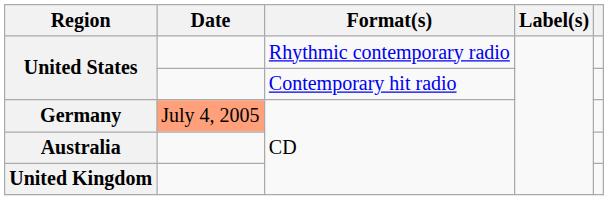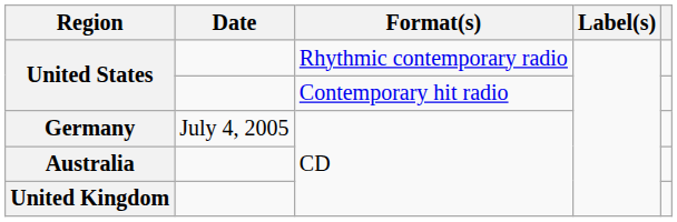 <table class="wikitable plainrowheaders">
 <tr>
 <th scope="col">Region</th>
 <th scope="col">Date</th>
 <th scope="col">Format(s)</th>
 <th scope="col">Label(s)</th>
 <th scope="col"></th>
 </tr>
 <tr>
 <th scope="row" rowspan="2">United States</th>
 <td></td>
 <td><a href='#'>Rhythmic contemporary radio</a></td>
 <td rowspan="5"></td>
 <td></td>
 </tr>
 <tr>
 <td></td>
 <td><a href='#'>Contemporary hit radio</a></td>
 <td></td>
 </tr>
 <tr>
 <th scope="row">Germany</th>
-<td style="background: lightsalmon;">July 4, 2005</td>
+<td>July 4, 2005</td>
 <td rowspan="3">CD</td>
 <td></td>
 </tr>
 <tr>
 <th scope="row">Australia</th>
 <td></td>
 <td></td>
 </tr>
 <tr>
 <th scope="row">United Kingdom</th>
 <td></td>
 <td></td>
 </tr>
 </table>
